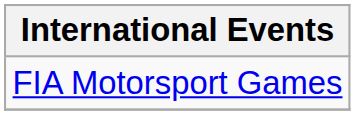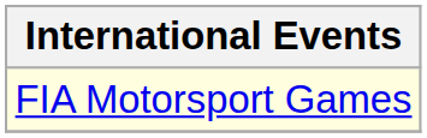 <table class="wikitable">
 <tr>
 <th>International Events</th>
 </tr>
 <tr>
-<td><a href='#'>FIA Motorsport Games</a></td>
+<td style="background: lightyellow;"><a href='#'>FIA Motorsport Games</a></td>
 </tr>
 <tr>
 </tr>
 </table>
